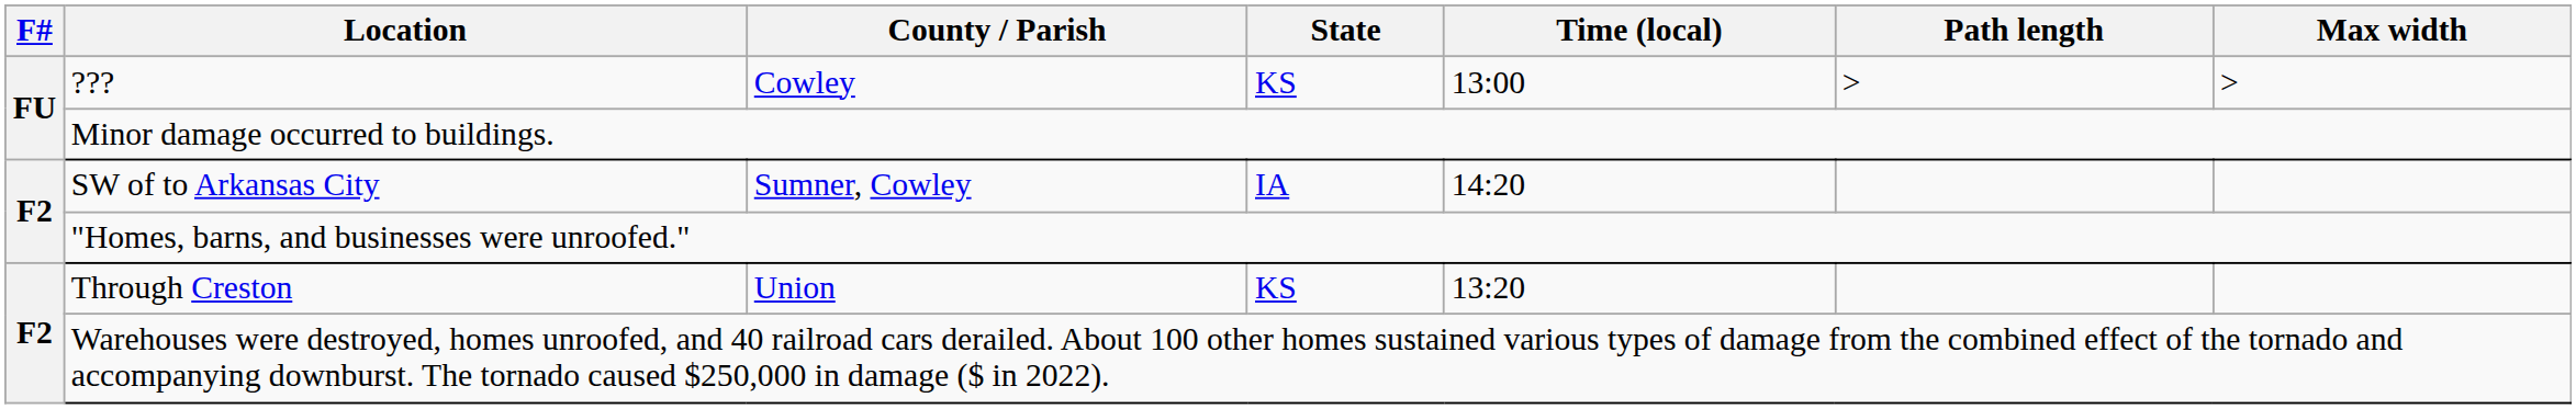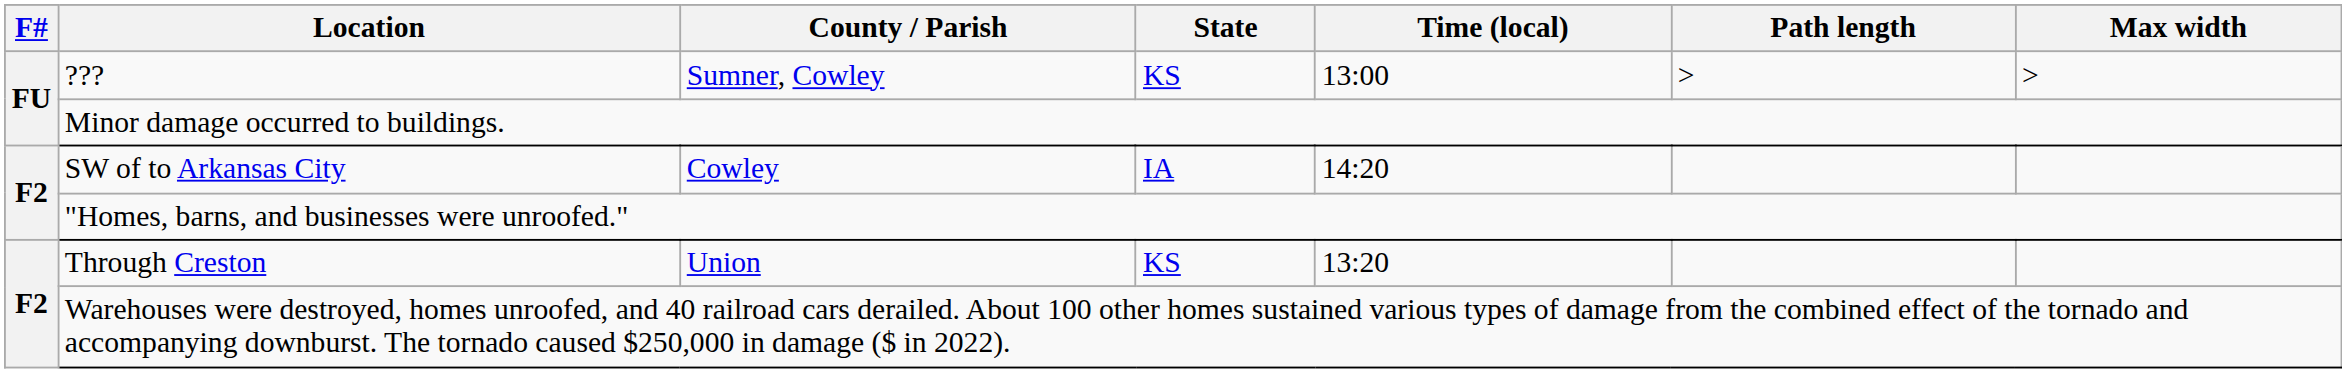 <table class="wikitable sortable" style="width:100%;">
 <tr>
 <th scope="col" align="center"><a href='#'>F#</a><br></th>
 <th scope="col" align="center" class="unsortable">Location</th>
 <th scope="col" align="center" class="unsortable">County / Parish</th>
 <th scope="col" align="center">State</th>
 <th scope="col" align="center">Time (local)</th>
 <th scope="col" align="center">Path length</th>
 <th scope="col" align="center">Max width</th>
 </tr>
 <tr>
 <th scope="row" rowspan="2" style="background-color:#">FU</th>
 <td>???</td>
-<td><a href='#'>Cowley</a></td>
+<td><a href='#'>Sumner</a>, <a href='#'>Cowley</a></td>
 <td><a href='#'>KS</a></td>
 <td>13:00</td>
 <td>></td>
 <td>></td>
 </tr>
 <tr class="expand-child">
 <td colspan="6" style="border-bottom: 1px solid black;">Minor damage occurred to buildings.</td>
 </tr>
 <tr>
 <th scope="row" rowspan="2" style="background-color:#">F2</th>
 <td>SW of to <a href='#'>Arkansas City</a></td>
-<td><a href='#'>Sumner</a>, <a href='#'>Cowley</a></td>
+<td><a href='#'>Cowley</a></td>
 <td><a href='#'>IA</a></td>
 <td>14:20</td>
 <td></td>
 <td></td>
 </tr>
 <tr class="expand-child">
 <td colspan="6" style="border-bottom: 1px solid black;">"Homes, barns, and businesses were unroofed."</td>
 </tr>
 <tr>
 <th scope="row" rowspan="2" style="background-color:#">F2</th>
 <td>Through <a href='#'>Creston</a></td>
 <td><a href='#'>Union</a></td>
 <td><a href='#'>KS</a></td>
 <td>13:20</td>
 <td></td>
 <td></td>
 </tr>
 <tr class="expand-child">
 <td colspan="6" style="border-bottom: 1px solid black;">Warehouses were destroyed, homes unroofed, and 40 railroad cars derailed. About 100 other homes sustained various types of damage from the combined effect of the tornado and accompanying downburst. The tornado caused $250,000 in damage ($ in 2022).</td>
 </tr>
 </table>
